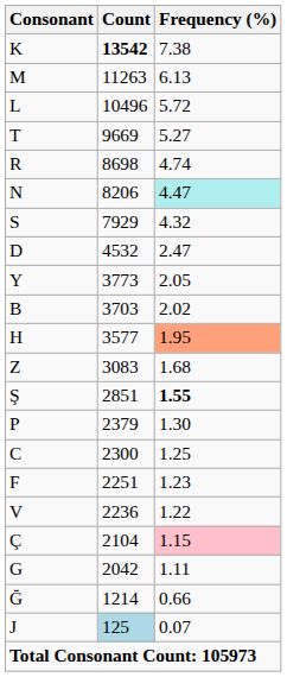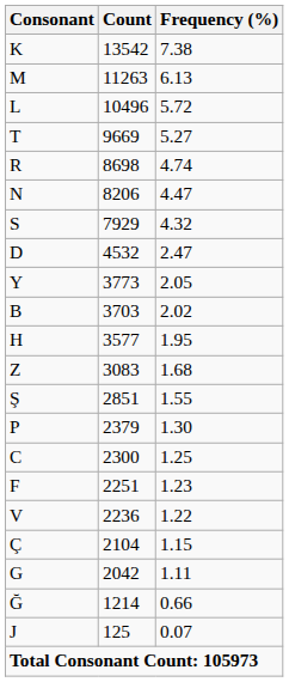 <table class="wikitable" border="1">
 <tr>
 <th>Consonant</th>
 <th>Count</th>
 <th>Frequency (%)</th>
 </tr>
 <tr>
 <td>K</td>
-<td><strong>13542</strong></td>
+<td>13542</td>
 <td>7.38</td>
 </tr>
 <tr>
 <td>M</td>
 <td>11263</td>
 <td>6.13</td>
 </tr>
 <tr>
 <td>L</td>
 <td>10496</td>
 <td>5.72</td>
 </tr>
 <tr>
 <td>T</td>
 <td>9669</td>
 <td>5.27</td>
 </tr>
 <tr>
 <td>R</td>
 <td>8698</td>
 <td>4.74</td>
 </tr>
 <tr>
 <td>N</td>
 <td>8206</td>
-<td style="background: paleturquoise;">4.47</td>
+<td>4.47</td>
 </tr>
 <tr>
 <td>S</td>
 <td>7929</td>
 <td>4.32</td>
 </tr>
 <tr>
 <td>D</td>
 <td>4532</td>
 <td>2.47</td>
 </tr>
 <tr>
 <td>Y</td>
 <td>3773</td>
 <td>2.05</td>
 </tr>
 <tr>
 <td>B</td>
 <td>3703</td>
 <td>2.02</td>
 </tr>
 <tr>
 <td>H</td>
 <td>3577</td>
-<td style="background: lightsalmon;">1.95</td>
+<td>1.95</td>
 </tr>
 <tr>
 <td>Z</td>
 <td>3083</td>
 <td>1.68</td>
 </tr>
 <tr>
 <td>Ş</td>
 <td>2851</td>
-<td><strong>1.55</strong></td>
+<td>1.55</td>
 </tr>
 <tr>
 <td>P</td>
 <td>2379</td>
 <td>1.30</td>
 </tr>
 <tr>
 <td>C</td>
 <td>2300</td>
 <td>1.25</td>
 </tr>
 <tr>
 <td>F</td>
 <td>2251</td>
 <td>1.23</td>
 </tr>
 <tr>
 <td>V</td>
 <td>2236</td>
 <td>1.22</td>
 </tr>
 <tr>
 <td>Ç</td>
 <td>2104</td>
-<td style="background: pink;">1.15</td>
+<td>1.15</td>
 </tr>
 <tr>
 <td>G</td>
 <td>2042</td>
 <td>1.11</td>
 </tr>
 <tr>
 <td>Ğ</td>
 <td>1214</td>
 <td>0.66</td>
 </tr>
 <tr>
 <td>J</td>
-<td style="background: lightblue;">125</td>
+<td>125</td>
 <td>0.07</td>
 </tr>
 <tr>
 <td colspan="3"><strong>Total Consonant Count: 105973</strong></td>
 </tr>
 </table>
